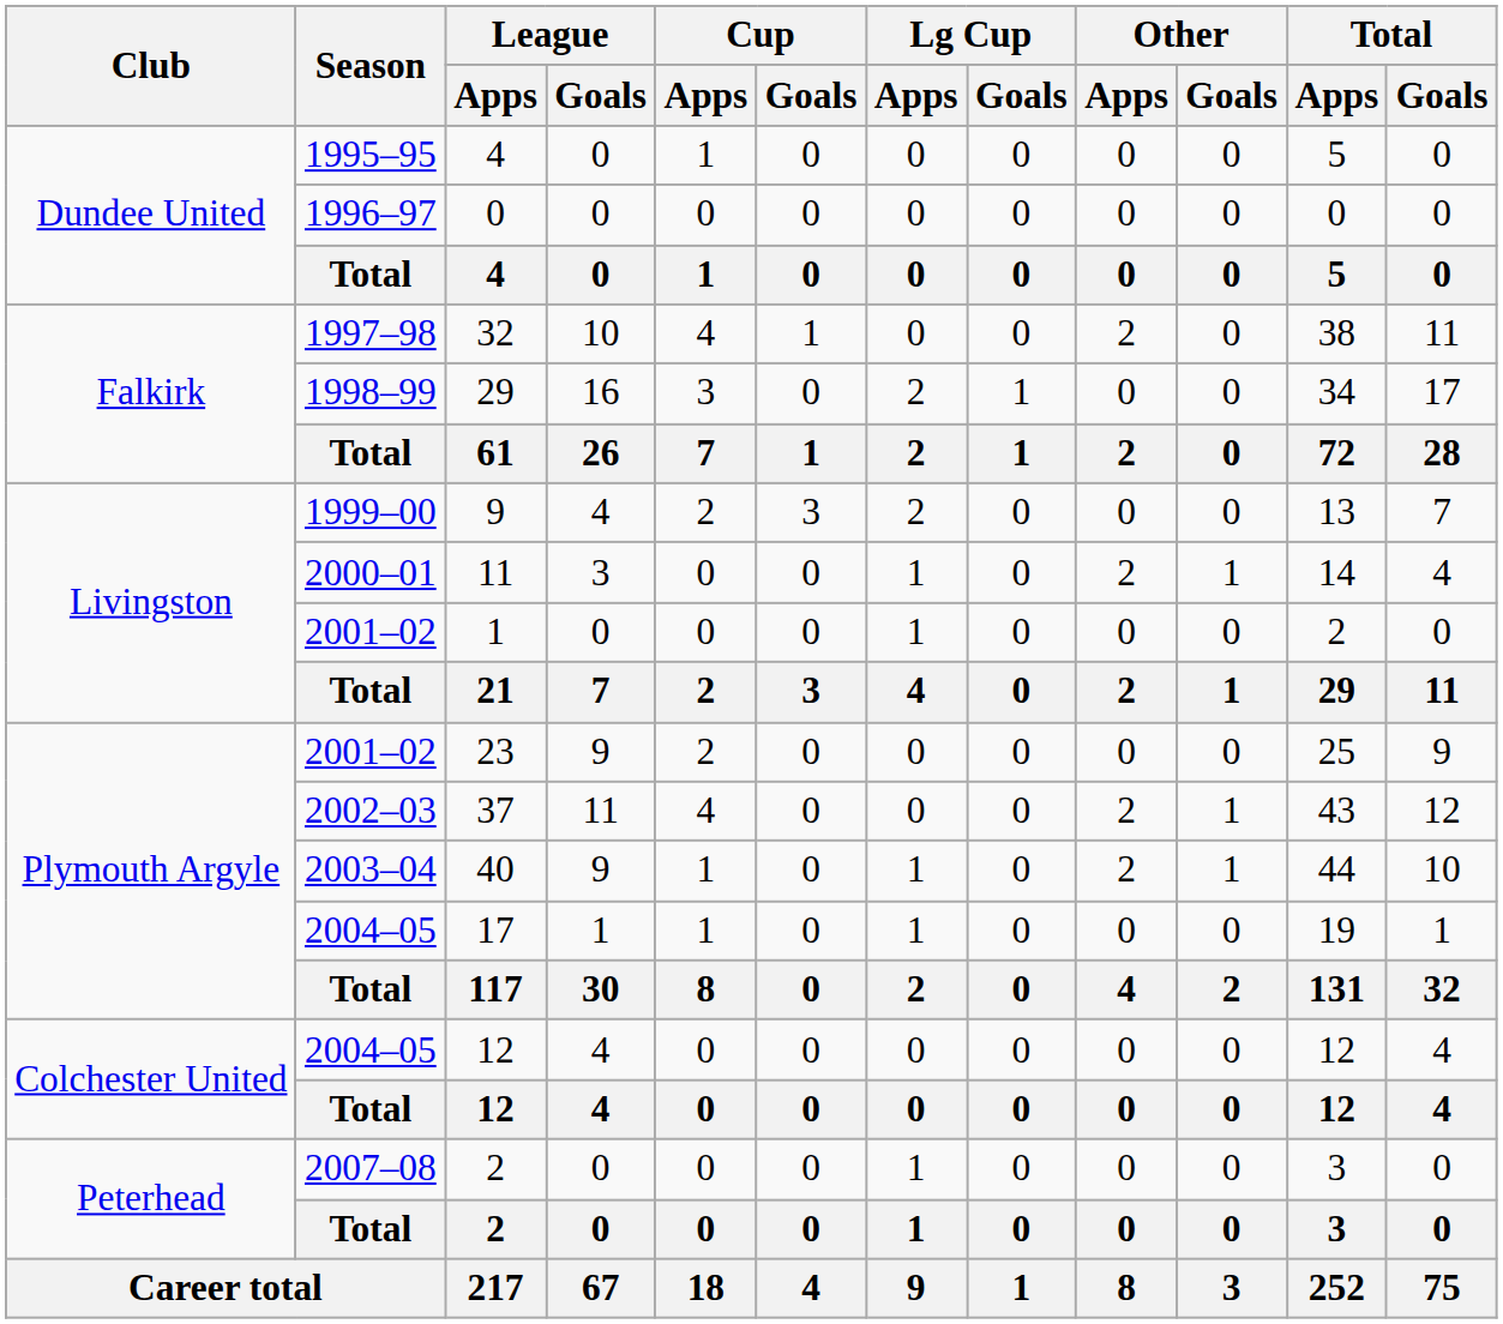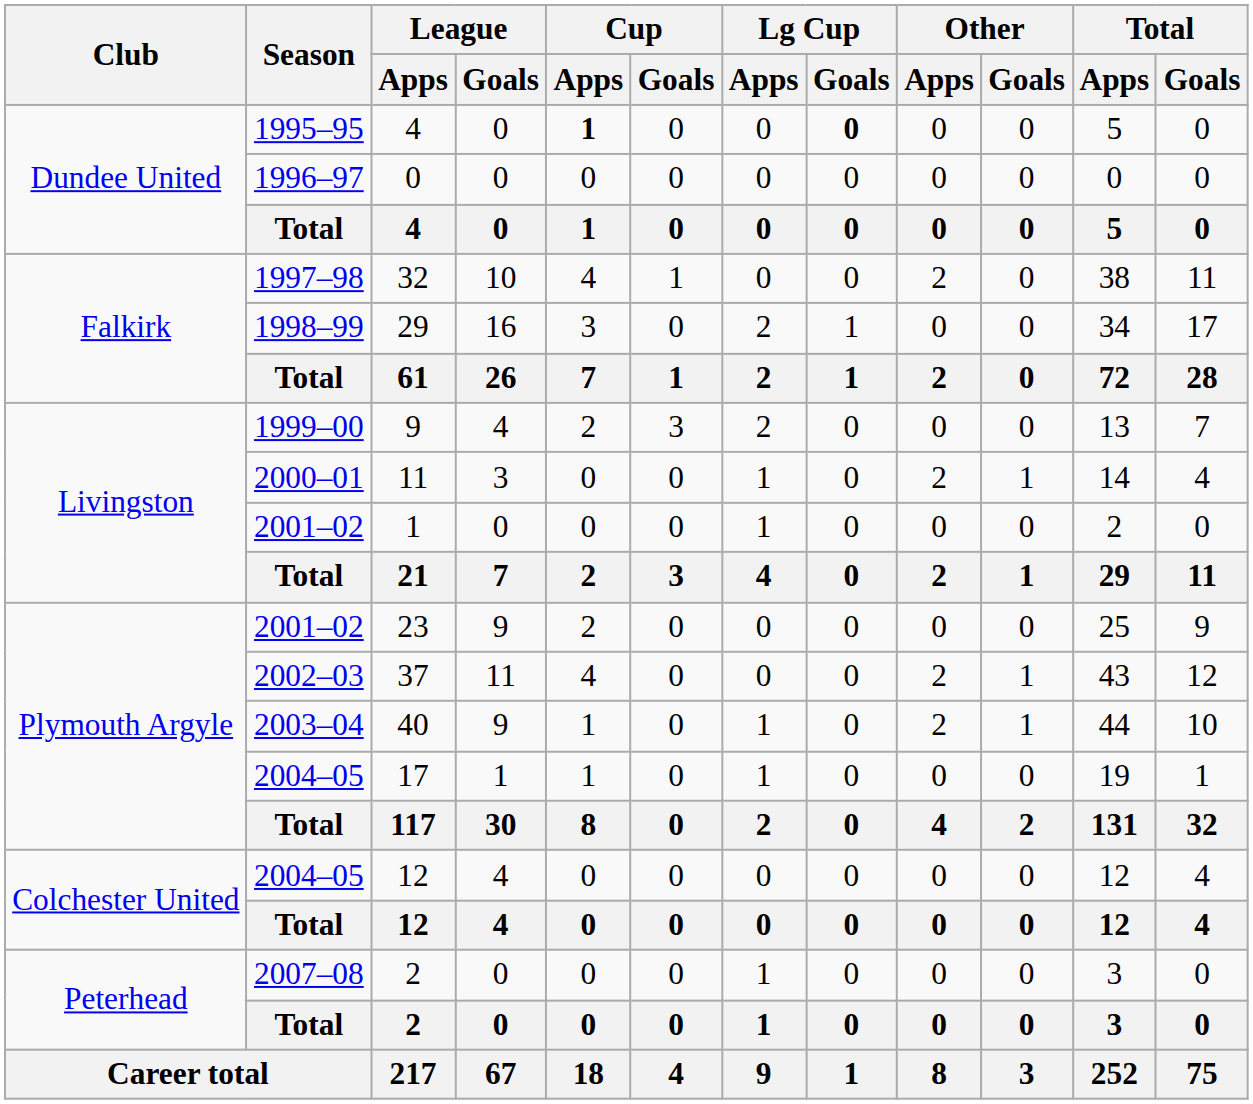 <table class="wikitable" style="text-align:center">
 <tr>
 <th rowspan="2">Club</th>
 <th rowspan="2">Season</th>
 <th colspan="2">League</th>
 <th colspan="2">Cup</th>
 <th colspan="2">Lg Cup</th>
 <th colspan="2">Other</th>
 <th colspan="2">Total</th>
 </tr>
 <tr>
 <th>Apps</th>
 <th>Goals</th>
 <th>Apps</th>
 <th>Goals</th>
 <th>Apps</th>
 <th>Goals</th>
 <th>Apps</th>
 <th>Goals</th>
 <th>Apps</th>
 <th>Goals</th>
 </tr>
 <tr>
 <td rowspan="3"><a href='#'>Dundee United</a></td>
 <td><a href='#'>1995–95</a></td>
 <td>4</td>
 <td>0</td>
-<td>1</td>
+<td><strong>1</strong></td>
 <td>0</td>
 <td>0</td>
-<td>0</td>
+<td><strong>0</strong></td>
 <td>0</td>
 <td>0</td>
 <td>5</td>
 <td>0</td>
 </tr>
 <tr>
 <td><a href='#'>1996–97</a></td>
 <td>0</td>
 <td>0</td>
 <td>0</td>
 <td>0</td>
 <td>0</td>
 <td>0</td>
 <td>0</td>
 <td>0</td>
 <td>0</td>
 <td>0</td>
 </tr>
 <tr>
 <th>Total</th>
 <th>4</th>
 <th>0</th>
 <th>1</th>
 <th>0</th>
 <th>0</th>
 <th>0</th>
 <th>0</th>
 <th>0</th>
 <th>5</th>
 <th>0</th>
 </tr>
 <tr>
 <td rowspan="3"><a href='#'>Falkirk</a></td>
 <td><a href='#'>1997–98</a></td>
 <td>32</td>
 <td>10</td>
 <td>4</td>
 <td>1</td>
 <td>0</td>
 <td>0</td>
 <td>2</td>
 <td>0</td>
 <td>38</td>
 <td>11</td>
 </tr>
 <tr>
 <td><a href='#'>1998–99</a></td>
 <td>29</td>
 <td>16</td>
 <td>3</td>
 <td>0</td>
 <td>2</td>
 <td>1</td>
 <td>0</td>
 <td>0</td>
 <td>34</td>
 <td>17</td>
 </tr>
 <tr>
 <th>Total</th>
 <th>61</th>
 <th>26</th>
 <th>7</th>
 <th>1</th>
 <th>2</th>
 <th>1</th>
 <th>2</th>
 <th>0</th>
 <th>72</th>
 <th>28</th>
 </tr>
 <tr>
 <td rowspan="4"><a href='#'>Livingston</a></td>
 <td><a href='#'>1999–00</a></td>
 <td>9</td>
 <td>4</td>
 <td>2</td>
 <td>3</td>
 <td>2</td>
 <td>0</td>
 <td>0</td>
 <td>0</td>
 <td>13</td>
 <td>7</td>
 </tr>
 <tr>
 <td><a href='#'>2000–01</a></td>
 <td>11</td>
 <td>3</td>
 <td>0</td>
 <td>0</td>
 <td>1</td>
 <td>0</td>
 <td>2</td>
 <td>1</td>
 <td>14</td>
 <td>4</td>
 </tr>
 <tr>
 <td><a href='#'>2001–02</a></td>
 <td>1</td>
 <td>0</td>
 <td>0</td>
 <td>0</td>
 <td>1</td>
 <td>0</td>
 <td>0</td>
 <td>0</td>
 <td>2</td>
 <td>0</td>
 </tr>
 <tr>
 <th>Total</th>
 <th>21</th>
 <th>7</th>
 <th>2</th>
 <th>3</th>
 <th>4</th>
 <th>0</th>
 <th>2</th>
 <th>1</th>
 <th>29</th>
 <th>11</th>
 </tr>
 <tr>
 <td rowspan="5"><a href='#'>Plymouth Argyle</a></td>
 <td><a href='#'>2001–02</a></td>
 <td>23</td>
 <td>9</td>
 <td>2</td>
 <td>0</td>
 <td>0</td>
 <td>0</td>
 <td>0</td>
 <td>0</td>
 <td>25</td>
 <td>9</td>
 </tr>
 <tr>
 <td><a href='#'>2002–03</a></td>
 <td>37</td>
 <td>11</td>
 <td>4</td>
 <td>0</td>
 <td>0</td>
 <td>0</td>
 <td>2</td>
 <td>1</td>
 <td>43</td>
 <td>12</td>
 </tr>
 <tr>
 <td><a href='#'>2003–04</a></td>
 <td>40</td>
 <td>9</td>
 <td>1</td>
 <td>0</td>
 <td>1</td>
 <td>0</td>
 <td>2</td>
 <td>1</td>
 <td>44</td>
 <td>10</td>
 </tr>
 <tr>
 <td><a href='#'>2004–05</a></td>
 <td>17</td>
 <td>1</td>
 <td>1</td>
 <td>0</td>
 <td>1</td>
 <td>0</td>
 <td>0</td>
 <td>0</td>
 <td>19</td>
 <td>1</td>
 </tr>
 <tr>
 <th>Total</th>
 <th>117</th>
 <th>30</th>
 <th>8</th>
 <th>0</th>
 <th>2</th>
 <th>0</th>
 <th>4</th>
 <th>2</th>
 <th>131</th>
 <th>32</th>
 </tr>
 <tr>
 <td rowspan="2"><a href='#'>Colchester United</a></td>
 <td><a href='#'>2004–05</a></td>
 <td>12</td>
 <td>4</td>
 <td>0</td>
 <td>0</td>
 <td>0</td>
 <td>0</td>
 <td>0</td>
 <td>0</td>
 <td>12</td>
 <td>4</td>
 </tr>
 <tr>
 <th>Total</th>
 <th>12</th>
 <th>4</th>
 <th>0</th>
 <th>0</th>
 <th>0</th>
 <th>0</th>
 <th>0</th>
 <th>0</th>
 <th>12</th>
 <th>4</th>
 </tr>
 <tr>
 <td rowspan="2"><a href='#'>Peterhead</a></td>
 <td><a href='#'>2007–08</a></td>
 <td>2</td>
 <td>0</td>
 <td>0</td>
 <td>0</td>
 <td>1</td>
 <td>0</td>
 <td>0</td>
 <td>0</td>
 <td>3</td>
 <td>0</td>
 </tr>
 <tr>
 <th>Total</th>
 <th>2</th>
 <th>0</th>
 <th>0</th>
 <th>0</th>
 <th>1</th>
 <th>0</th>
 <th>0</th>
 <th>0</th>
 <th>3</th>
 <th>0</th>
 </tr>
 <tr>
 <th colspan="2">Career total</th>
 <th>217</th>
 <th>67</th>
 <th>18</th>
 <th>4</th>
 <th>9</th>
 <th>1</th>
 <th>8</th>
 <th>3</th>
 <th>252</th>
 <th>75</th>
 </tr>
 </table>
